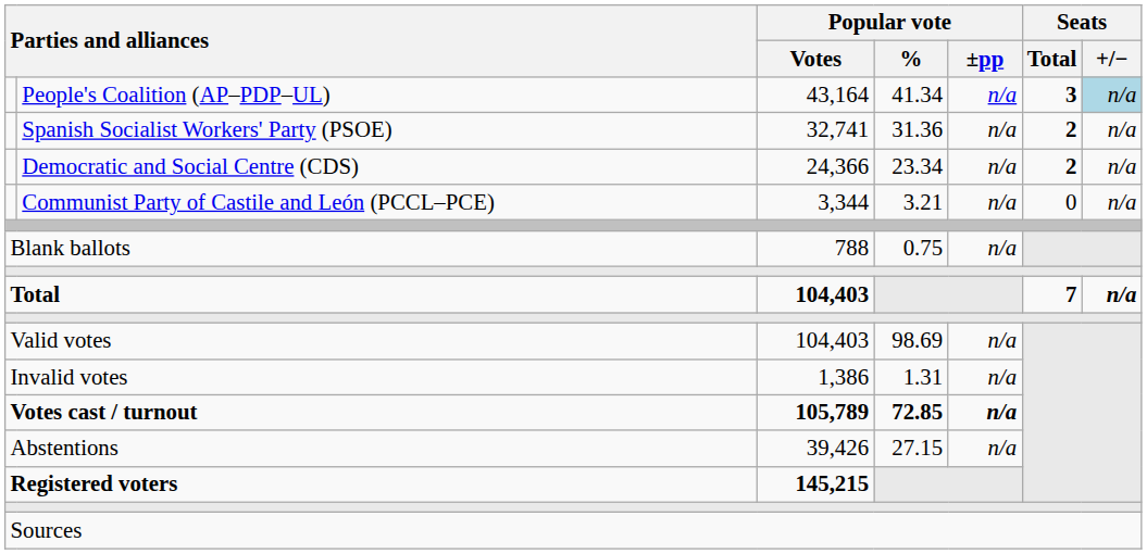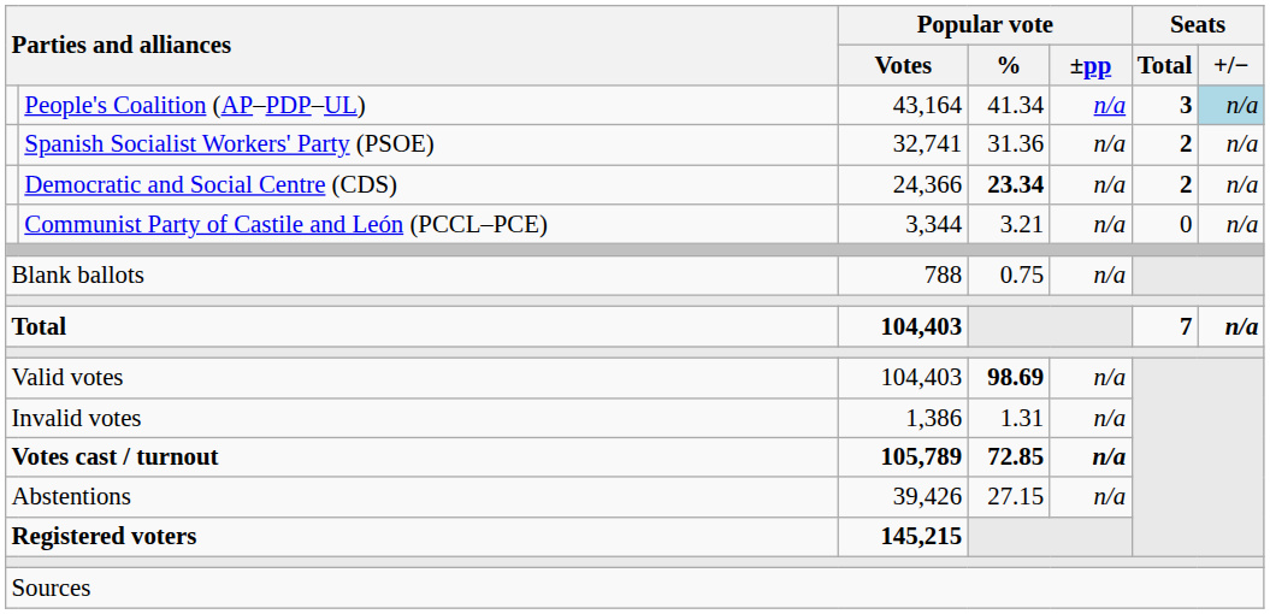 <table class="wikitable" style="text-align:right;">
 <tr>
 <th style="text-align:left;" rowspan="2" colspan="2" width="525">Parties and alliances</th>
 <th colspan="3">Popular vote</th>
 <th colspan="2">Seats</th>
 </tr>
 <tr>
 <th width="75">Votes</th>
 <th width="45">%</th>
 <th width="45">±<a href='#'>pp</a></th>
 <th width="35">Total</th>
 <th width="35">+/−</th>
 </tr>
 <tr>
 <td width="1" style="color:inherit;background:"></td>
 <td align="left"><a href='#'>People's Coalition</a> (<a href='#'>AP</a>–<a href='#'>PDP</a>–<a href='#'>UL</a>)</td>
 <td>43,164</td>
 <td>41.34</td>
 <td><em><a href='#'>n/a</a></em></td>
 <td><strong>3</strong></td>
 <td style="background: lightblue;"><em>n/a</em></td>
 </tr>
 <tr>
 <td style="color:inherit;background:"></td>
 <td align="left"><a href='#'>Spanish Socialist Workers' Party</a> (PSOE)</td>
 <td>32,741</td>
 <td>31.36</td>
 <td><em>n/a</em></td>
 <td><strong>2</strong></td>
 <td><em>n/a</em></td>
 </tr>
 <tr>
 <td style="color:inherit;background:"></td>
 <td align="left"><a href='#'>Democratic and Social Centre</a> (CDS)</td>
 <td>24,366</td>
-<td>23.34</td>
+<td><strong>23.34</strong></td>
 <td><em>n/a</em></td>
 <td><strong>2</strong></td>
 <td><em>n/a</em></td>
 </tr>
 <tr>
 <td style="color:inherit;background:"></td>
 <td align="left"><a href='#'>Communist Party of Castile and León</a> (PCCL–PCE)</td>
 <td>3,344</td>
 <td>3.21</td>
 <td><em>n/a</em></td>
 <td>0</td>
 <td><em>n/a</em></td>
 </tr>
 <tr>
 <td colspan="7" bgcolor="#C0C0C0"></td>
 </tr>
 <tr>
 <td align="left" colspan="2">Blank ballots</td>
 <td>788</td>
 <td>0.75</td>
 <td><em>n/a</em></td>
 <td bgcolor="#E9E9E9" colspan="2"></td>
 </tr>
 <tr>
 <td colspan="7" bgcolor="#E9E9E9"></td>
 </tr>
 <tr style="font-weight:bold;">
 <td align="left" colspan="2">Total</td>
 <td>104,403</td>
 <td bgcolor="#E9E9E9" colspan="2"></td>
 <td>7</td>
 <td><em>n/a</em></td>
 </tr>
 <tr>
 <td colspan="7" bgcolor="#E9E9E9"></td>
 </tr>
 <tr>
 <td align="left" colspan="2">Valid votes</td>
 <td>104,403</td>
-<td>98.69</td>
+<td><strong>98.69</strong></td>
 <td><em>n/a</em></td>
 <td bgcolor="#E9E9E9" colspan="2" rowspan="5"></td>
 </tr>
 <tr>
 <td align="left" colspan="2">Invalid votes</td>
 <td>1,386</td>
 <td>1.31</td>
 <td><em>n/a</em></td>
 </tr>
 <tr style="font-weight:bold;">
 <td align="left" colspan="2">Votes cast / turnout</td>
 <td>105,789</td>
 <td>72.85</td>
 <td><em>n/a</em></td>
 </tr>
 <tr>
 <td align="left" colspan="2">Abstentions</td>
 <td>39,426</td>
 <td>27.15</td>
 <td><em>n/a</em></td>
 </tr>
 <tr style="font-weight:bold;">
 <td align="left" colspan="2">Registered voters</td>
 <td>145,215</td>
 <td bgcolor="#E9E9E9" colspan="2"></td>
 </tr>
 <tr>
 <td colspan="7" bgcolor="#E9E9E9"></td>
 </tr>
 <tr>
 <td align="left" colspan="7">Sources</td>
 </tr>
 </table>
